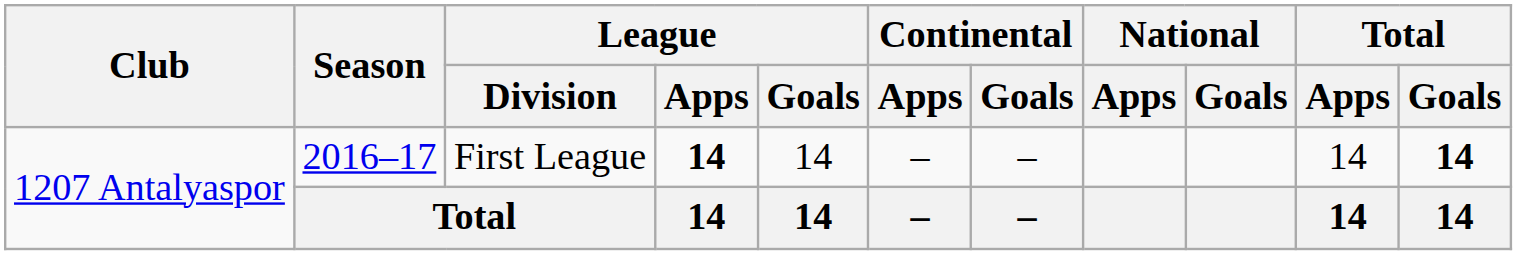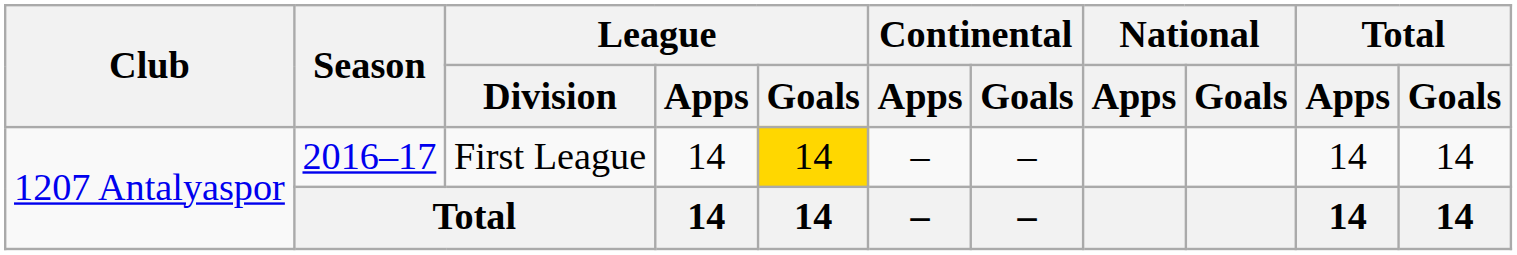 <table class="wikitable" style="text-align: center;">
 <tr>
 <th rowspan=2>Club</th>
 <th rowspan=2>Season</th>
 <th colspan=3>League</th>
 <th colspan=2>Continental</th>
 <th colspan=2>National</th>
 <th colspan=2>Total</th>
 </tr>
 <tr>
 <th>Division</th>
 <th>Apps</th>
 <th>Goals</th>
 <th>Apps</th>
 <th>Goals</th>
 <th>Apps</th>
 <th>Goals</th>
 <th>Apps</th>
 <th>Goals</th>
 </tr>
 <tr>
 <td rowspan=2><a href='#'>1207 Antalyaspor</a></td>
 <td><a href='#'>2016–17</a></td>
 <td>First League</td>
-<td><strong>14</strong></td>
 <td>14</td>
+<td style="background: gold;">14</td>
 <td>–</td>
 <td>–</td>
 <td></td>
 <td></td>
 <td>14</td>
-<td><strong>14</strong></td>
+<td>14</td>
 </tr>
 <tr>
 <th colspan=2>Total</th>
 <th>14</th>
 <th>14</th>
 <th>–</th>
 <th>–</th>
 <th></th>
 <th></th>
 <th>14</th>
 <th>14</th>
 </tr>
 </table>
